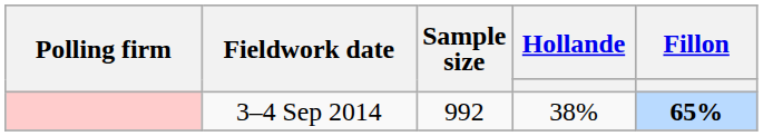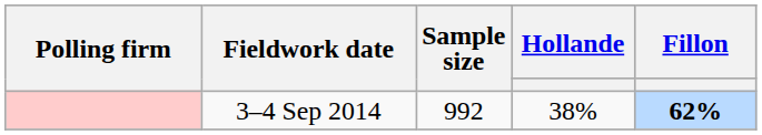 <table class="wikitable sortable" style="text-align:center;font-size:90%;line-height:14px;">
 <tr style="height:40px;">
 <th style="width:100px;" rowspan="2">Polling firm</th>
 <th style="width:110px;" rowspan="2">Fieldwork date</th>
 <th style="width:35px;" rowspan="2">Sample<br>size</th>
 <th class="unsortable" style="width:60px;"><a href='#'>Hollande</a><br></th>
 <th class="unsortable" style="width:60px;"><a href='#'>Fillon</a><br></th>
 </tr>
 <tr>
 <th style="background:"></th>
 <th style="background:"></th>
 </tr>
 <tr>
 <td style="background:#FFCCCC;"></td>
 <td data-sort-value="2014-09-04">3–4 Sep 2014</td>
 <td>992</td>
 <td>38%</td>
-<td style="background:#B9DAFF;"><strong>65%</strong></td>
+<td style="background:#B9DAFF;"><strong>62%</strong></td>
 </tr>
 </table>
